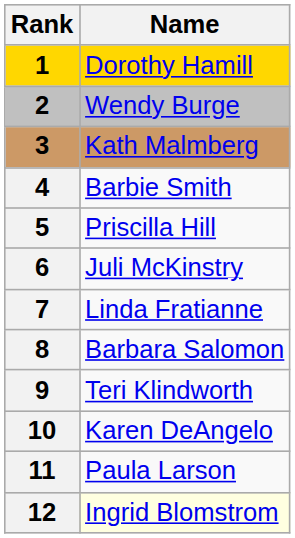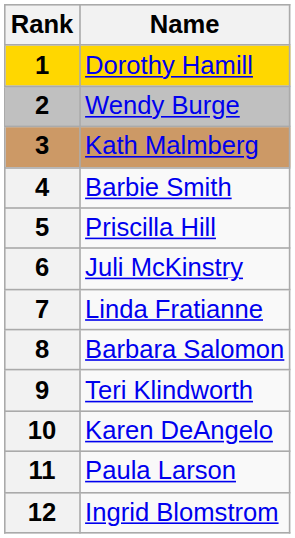 <table class="wikitable">
 <tr>
 <th>Rank</th>
 <th>Name</th>
 </tr>
 <tr bgcolor="gold">
 <td align="center"><strong>1</strong></td>
 <td><a href='#'>Dorothy Hamill</a></td>
 </tr>
 <tr bgcolor="silver">
 <td align="center"><strong>2</strong></td>
 <td><a href='#'>Wendy Burge</a></td>
 </tr>
 <tr bgcolor="cc9966">
 <td align="center"><strong>3</strong></td>
 <td><a href='#'>Kath Malmberg</a></td>
 </tr>
 <tr>
 <th>4</th>
 <td><a href='#'>Barbie Smith</a></td>
 </tr>
 <tr>
 <th>5</th>
 <td><a href='#'>Priscilla Hill</a></td>
 </tr>
 <tr>
 <th>6</th>
 <td><a href='#'>Juli McKinstry</a></td>
 </tr>
 <tr>
 <th>7</th>
 <td><a href='#'>Linda Fratianne</a></td>
 </tr>
 <tr>
 <th>8</th>
 <td><a href='#'>Barbara Salomon</a></td>
 </tr>
 <tr>
 <th>9</th>
 <td><a href='#'>Teri Klindworth</a></td>
 </tr>
 <tr>
 <th>10</th>
 <td><a href='#'>Karen DeAngelo</a></td>
 </tr>
 <tr>
 <th>11</th>
 <td><a href='#'>Paula Larson</a></td>
 </tr>
 <tr>
 <th>12</th>
-<td style="background: lightyellow;"><a href='#'>Ingrid Blomstrom</a></td>
+<td><a href='#'>Ingrid Blomstrom</a></td>
 </tr>
 </table>
